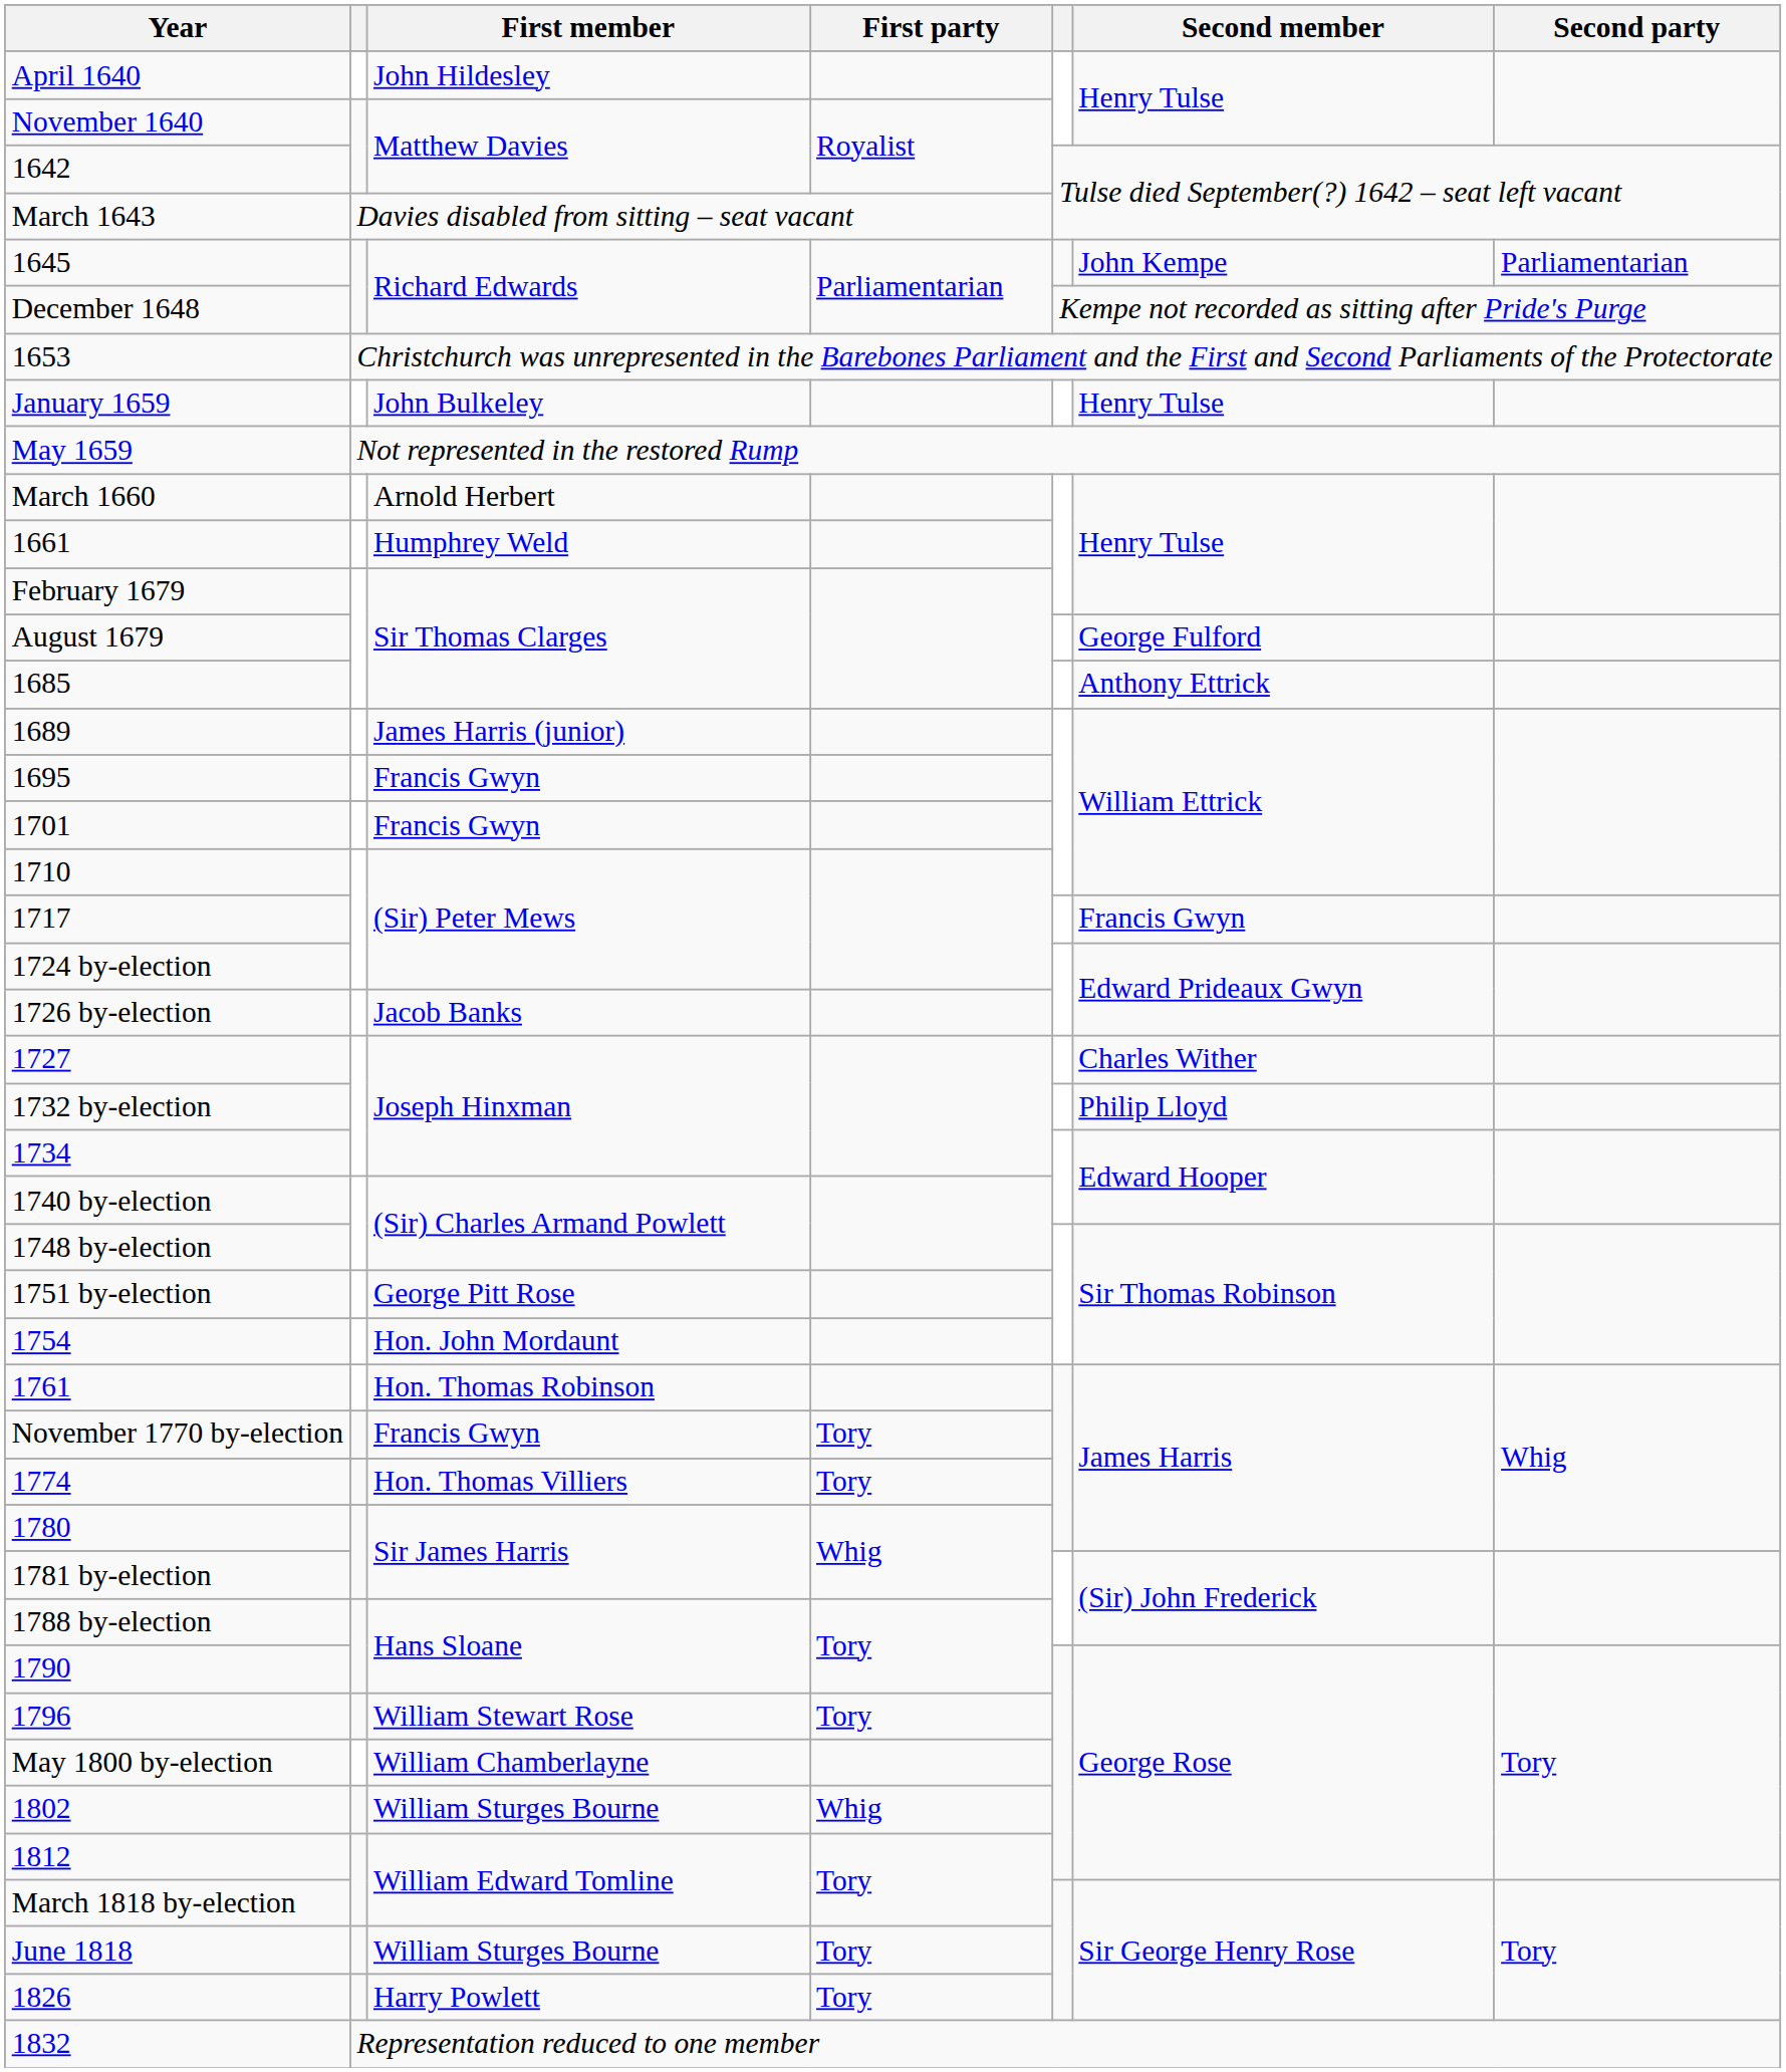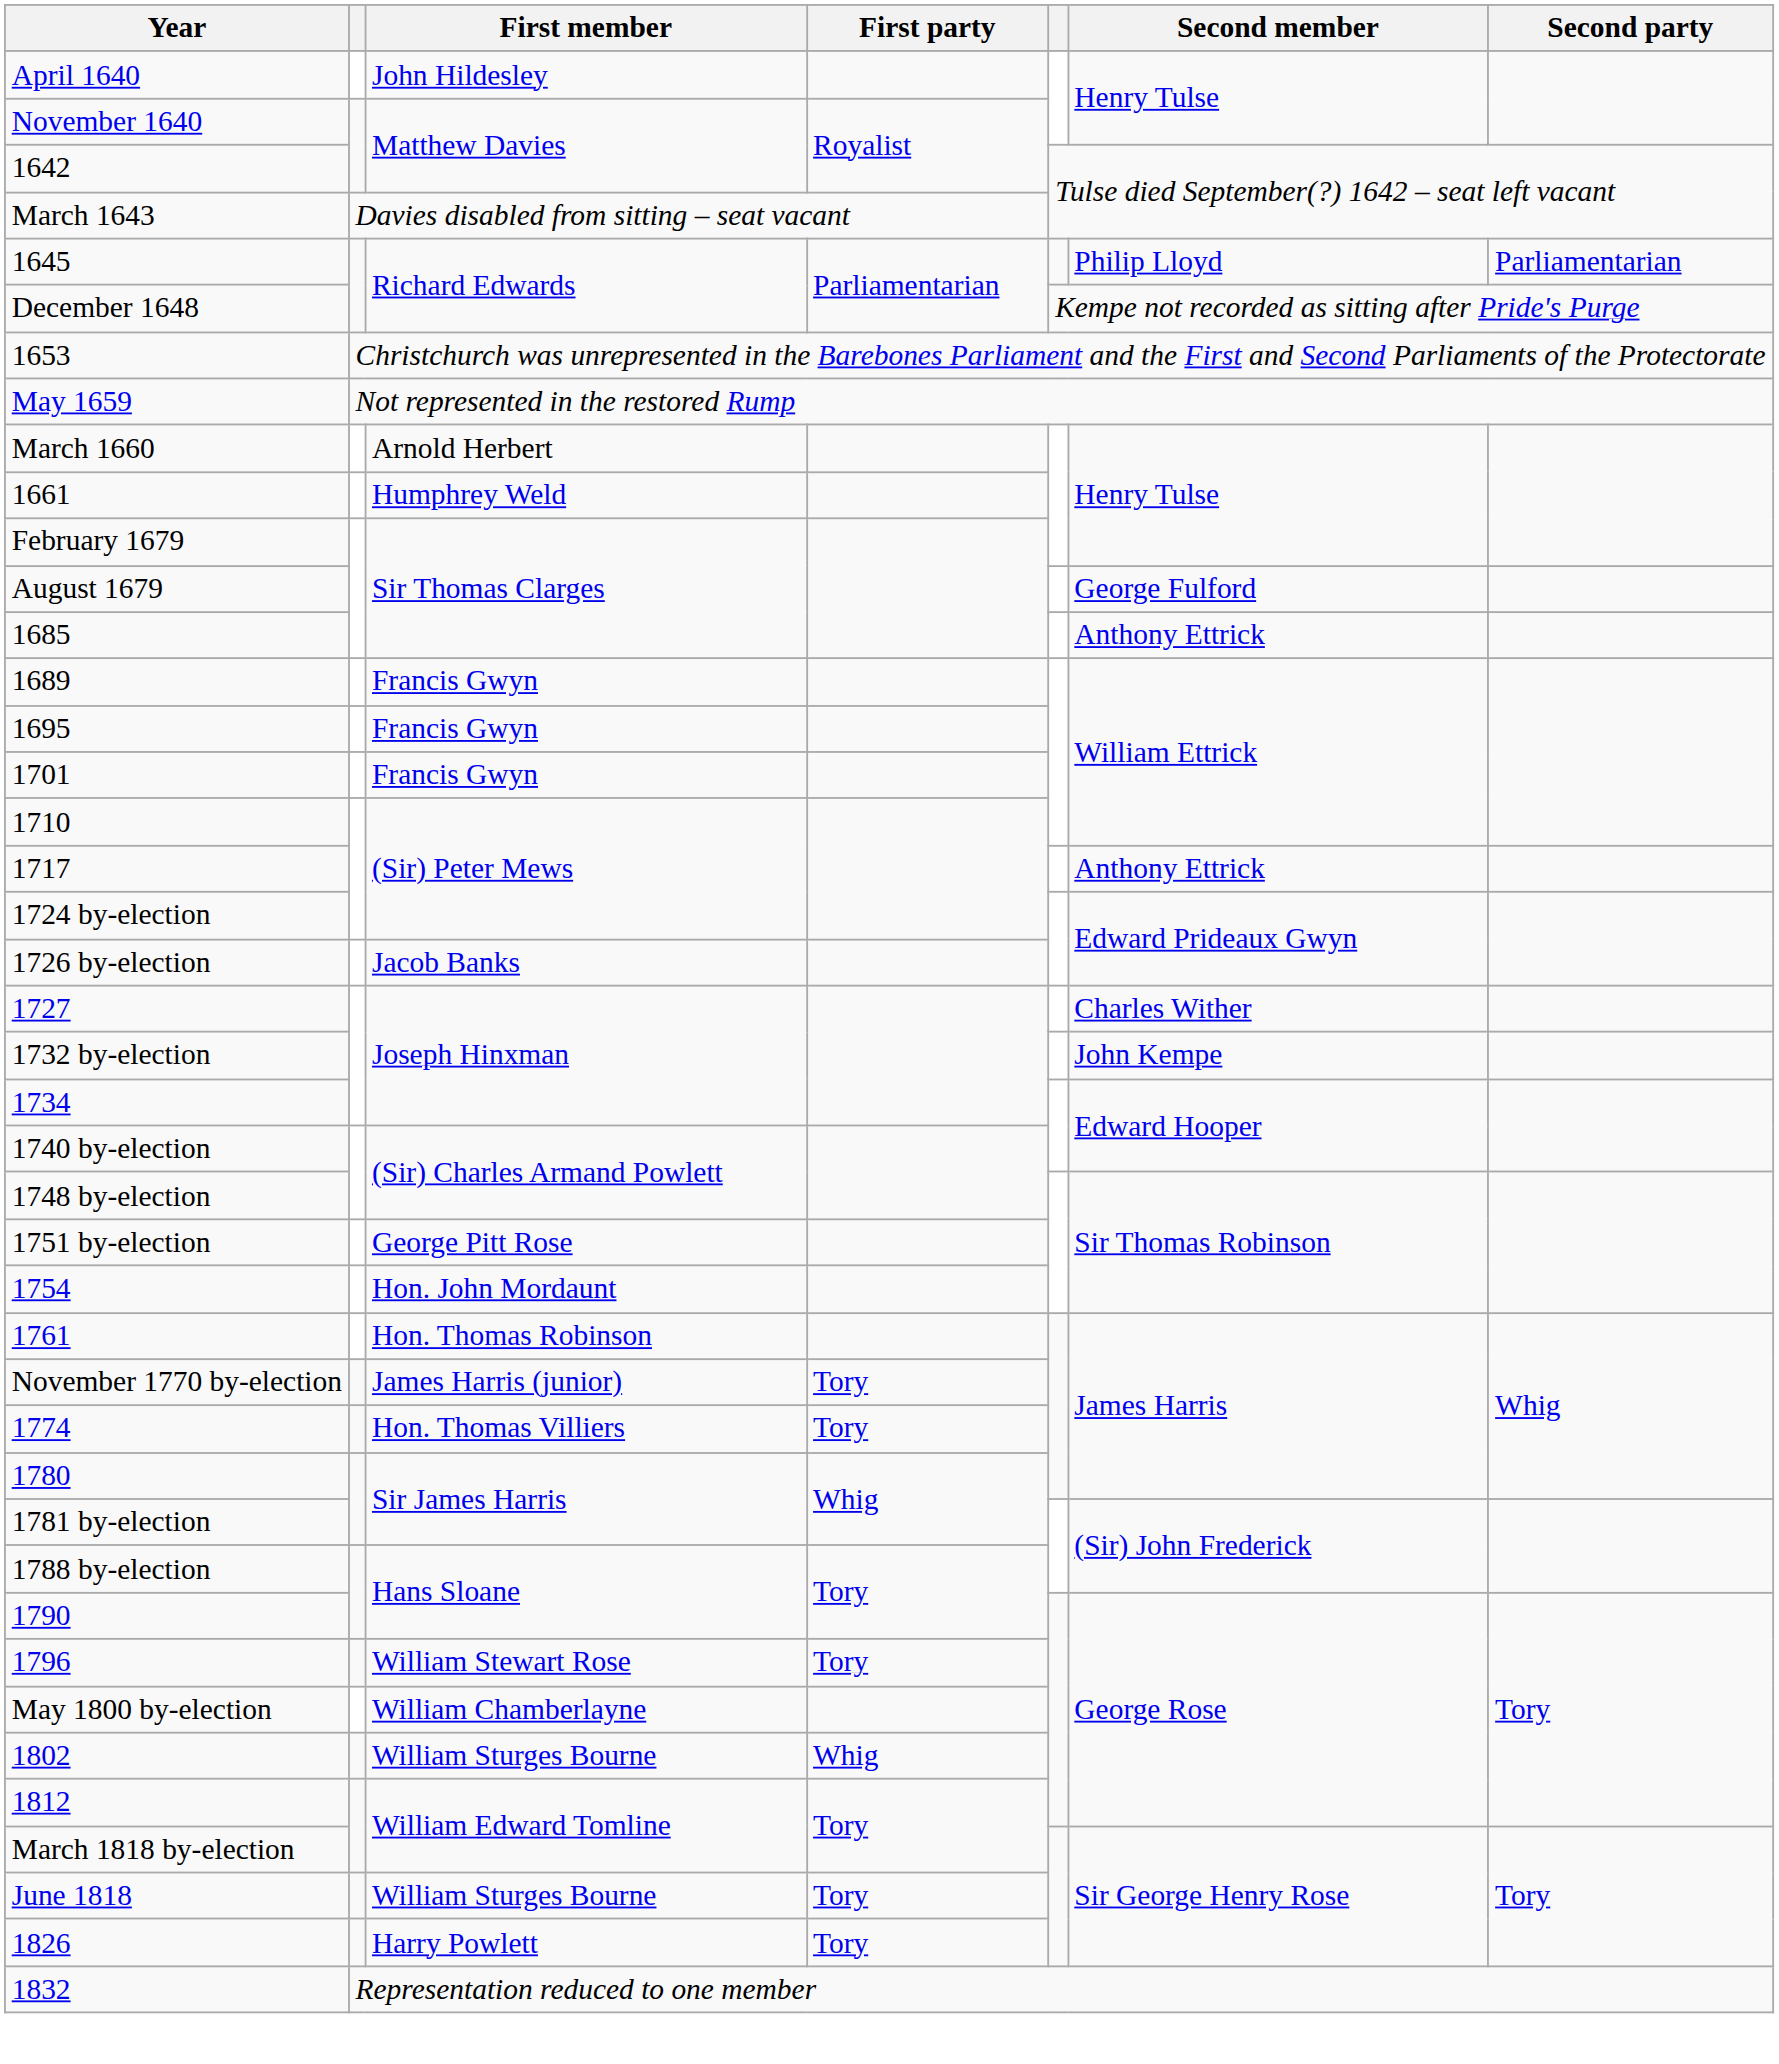 <table class="wikitable">
 <tr>
 <th>Year</th>
 <th></th>
 <th>First member</th>
 <th>First party</th>
 <th></th>
 <th>Second member</th>
 <th>Second party</th>
 </tr>
 <tr>
 <td><a href='#'>April 1640</a></td>
 <td style="color:inherit;background-color: white"></td>
 <td><a href='#'>John Hildesley</a></td>
 <td></td>
 <td rowspan="2" style="color:inherit;background-color: white"></td>
 <td rowspan="2"><a href='#'>Henry Tulse</a></td>
 <td rowspan="2"></td>
 </tr>
 <tr>
 <td><a href='#'>November 1640</a></td>
 <td rowspan="2" style="color:inherit;background-color: "></td>
 <td rowspan="2"><a href='#'>Matthew Davies</a></td>
 <td rowspan="2"><a href='#'>Royalist</a></td>
 </tr>
 <tr>
 <td>1642</td>
 <td colspan="3" rowspan="2"><em>Tulse died September(?) 1642 – seat left vacant</em></td>
 </tr>
 <tr>
 <td>March 1643</td>
 <td colspan="3"><em>Davies disabled from sitting – seat vacant</em></td>
 </tr>
 <tr>
 <td>1645</td>
 <td rowspan="2" style="color:inherit;background-color: "></td>
 <td rowspan="2"><a href='#'>Richard Edwards</a></td>
 <td rowspan="2"><a href='#'>Parliamentarian</a></td>
 <td style="color:inherit;background-color: "></td>
-<td><a href='#'>John Kempe</a></td>
+<td><a href='#'>Philip Lloyd</a></td>
 <td><a href='#'>Parliamentarian</a></td>
 </tr>
 <tr>
 <td>December 1648</td>
 <td colspan="3"><em>Kempe not recorded as sitting after <a href='#'>Pride's Purge</a></em></td>
 </tr>
 <tr>
 <td>1653</td>
 <td colspan="6"><em>Christchurch was unrepresented in the <a href='#'>Barebones Parliament</a> and the <a href='#'>First</a> and <a href='#'>Second</a> Parliaments of the Protectorate</em></td>
-</tr>
-<tr>
-<td><a href='#'>January 1659</a></td>
-<td style="color:inherit;background-color: white"></td>
-<td><a href='#'>John Bulkeley</a></td>
-<td></td>
-<td style="color:inherit;background-color: white"></td>
-<td><a href='#'>Henry Tulse</a></td>
-<td></td>
 </tr>
 <tr>
 <td><a href='#'>May 1659</a></td>
 <td colspan="6"><em>Not represented in the restored <a href='#'>Rump</a></em></td>
 </tr>
 <tr>
 <td>March 1660</td>
 <td style="color:inherit;background-color: white"></td>
 <td>Arnold Herbert</td>
 <td></td>
 <td rowspan="3" style="color:inherit;background-color: white"></td>
 <td rowspan="3"><a href='#'>Henry Tulse</a></td>
 <td rowspan="3"></td>
 </tr>
 <tr>
 <td>1661</td>
 <td style="color:inherit;background-color: white"></td>
 <td><a href='#'>Humphrey Weld</a></td>
 <td></td>
 </tr>
 <tr>
 <td>February 1679</td>
 <td rowspan="3" style="color:inherit;background-color: white"></td>
 <td rowspan="3"><a href='#'>Sir Thomas Clarges</a></td>
 <td rowspan="3"></td>
 </tr>
 <tr>
 <td>August 1679</td>
 <td style="color:inherit;background-color: white"></td>
 <td><a href='#'>George Fulford</a></td>
 <td></td>
 </tr>
 <tr>
 <td>1685</td>
 <td style="color:inherit;background-color: white"></td>
 <td><a href='#'>Anthony Ettrick</a></td>
 <td></td>
 </tr>
 <tr>
 <td>1689</td>
 <td style="color:inherit;background-color: white"></td>
-<td><a href='#'>James Harris (junior)</a></td>
+<td><a href='#'>Francis Gwyn</a></td>
 <td></td>
 <td rowspan="4" style="color:inherit;background-color: white"></td>
 <td rowspan="4"><a href='#'>William Ettrick</a></td>
 <td rowspan="4"></td>
 </tr>
 <tr>
 <td>1695</td>
 <td style="color:inherit;background-color: white"></td>
 <td><a href='#'>Francis Gwyn</a></td>
 <td></td>
 </tr>
 <tr>
 <td>1701</td>
 <td style="color:inherit;background-color: white"></td>
 <td><a href='#'>Francis Gwyn</a></td>
 <td></td>
 </tr>
 <tr>
 <td>1710</td>
 <td rowspan="3" style="color:inherit;background-color: white"></td>
 <td rowspan="3"><a href='#'>(Sir) Peter Mews</a></td>
 <td rowspan="3"></td>
 </tr>
 <tr>
 <td>1717</td>
 <td style="color:inherit;background-color: white"></td>
-<td><a href='#'>Francis Gwyn</a></td>
+<td><a href='#'>Anthony Ettrick</a></td>
 <td></td>
 </tr>
 <tr>
 <td>1724 by-election</td>
 <td rowspan="2" style="color:inherit;background-color: white"></td>
 <td rowspan="2"><a href='#'>Edward Prideaux Gwyn</a></td>
 <td rowspan="2"></td>
 </tr>
 <tr>
 <td>1726 by-election</td>
 <td style="color:inherit;background-color: white"></td>
 <td><a href='#'>Jacob Banks</a></td>
 <td></td>
 </tr>
 <tr>
 <td><a href='#'>1727</a></td>
 <td rowspan="3" style="color:inherit;background-color: white"></td>
 <td rowspan="3"><a href='#'>Joseph Hinxman</a></td>
 <td rowspan="3"></td>
 <td style="color:inherit;background-color: white"></td>
 <td><a href='#'>Charles Wither</a></td>
 <td></td>
 </tr>
 <tr>
 <td>1732 by-election</td>
 <td style="color:inherit;background-color: white"></td>
-<td><a href='#'>Philip Lloyd</a></td>
+<td><a href='#'>John Kempe</a></td>
 <td></td>
 </tr>
 <tr>
 <td><a href='#'>1734</a></td>
 <td rowspan="2" style="color:inherit;background-color: white"></td>
 <td rowspan="2"><a href='#'>Edward Hooper</a></td>
 <td rowspan="2"></td>
 </tr>
 <tr>
 <td>1740 by-election</td>
 <td rowspan="2" style="color:inherit;background-color: white"></td>
 <td rowspan="2"><a href='#'>(Sir) Charles Armand Powlett</a></td>
 <td rowspan="2"></td>
 </tr>
 <tr>
 <td>1748 by-election</td>
 <td rowspan="3" style="color:inherit;background-color: white"></td>
 <td rowspan="3"><a href='#'>Sir Thomas Robinson</a></td>
 <td rowspan="3"></td>
 </tr>
 <tr>
 <td>1751 by-election</td>
 <td style="color:inherit;background-color: white"></td>
 <td><a href='#'>George Pitt Rose</a></td>
 <td></td>
 </tr>
 <tr>
 <td><a href='#'>1754</a></td>
 <td style="color:inherit;background-color: white"></td>
 <td><a href='#'>Hon. John Mordaunt</a></td>
 <td></td>
 </tr>
 <tr>
 <td><a href='#'>1761</a></td>
 <td style="color:inherit;background-color: white"></td>
 <td><a href='#'>Hon. Thomas Robinson</a></td>
 <td></td>
 <td rowspan="4" style="color:inherit;background-color: "></td>
 <td rowspan="4"><a href='#'>James Harris</a></td>
 <td rowspan="4"><a href='#'>Whig</a></td>
 </tr>
 <tr>
 <td>November 1770 by-election</td>
 <td style="color:inherit;background-color: "></td>
-<td><a href='#'>Francis Gwyn</a></td>
+<td><a href='#'>James Harris (junior)</a></td>
 <td><a href='#'>Tory</a></td>
 </tr>
 <tr>
 <td><a href='#'>1774</a></td>
 <td style="color:inherit;background-color: "></td>
 <td><a href='#'>Hon. Thomas Villiers</a></td>
 <td><a href='#'>Tory</a></td>
 </tr>
 <tr>
 <td><a href='#'>1780</a></td>
 <td rowspan="2" style="color:inherit;background-color: "></td>
 <td rowspan="2"><a href='#'>Sir James Harris</a></td>
 <td rowspan="2"><a href='#'>Whig</a></td>
 </tr>
 <tr>
 <td>1781 by-election</td>
 <td rowspan="2" style="color:inherit;background-color: white"></td>
 <td rowspan="2"><a href='#'>(Sir) John Frederick</a></td>
 <td rowspan="2"></td>
 </tr>
 <tr>
 <td>1788 by-election</td>
 <td rowspan="2" style="color:inherit;background-color: "></td>
 <td rowspan="2"><a href='#'>Hans Sloane</a></td>
 <td rowspan="2"><a href='#'>Tory</a></td>
 </tr>
 <tr>
 <td><a href='#'>1790</a></td>
 <td rowspan="5" style="color:inherit;background-color: "></td>
 <td rowspan="5"><a href='#'>George Rose</a></td>
 <td rowspan="5"><a href='#'>Tory</a></td>
 </tr>
 <tr>
 <td><a href='#'>1796</a></td>
 <td style="color:inherit;background-color: "></td>
 <td><a href='#'>William Stewart Rose</a></td>
 <td><a href='#'>Tory</a></td>
 </tr>
 <tr>
 <td>May 1800 by-election</td>
 <td style="color:inherit;background-color: white"></td>
 <td><a href='#'>William Chamberlayne</a></td>
 <td></td>
 </tr>
 <tr>
 <td><a href='#'>1802</a></td>
 <td style="color:inherit;background-color: "></td>
 <td><a href='#'>William Sturges Bourne</a></td>
 <td><a href='#'>Whig</a></td>
 </tr>
 <tr>
 <td><a href='#'>1812</a></td>
 <td rowspan="2" style="color:inherit;background-color: "></td>
 <td rowspan="2"><a href='#'>William Edward Tomline</a></td>
 <td rowspan="2"><a href='#'>Tory</a></td>
 </tr>
 <tr>
 <td>March 1818 by-election</td>
 <td rowspan="3" style="color:inherit;background-color: "></td>
 <td rowspan="3"><a href='#'>Sir George Henry Rose</a></td>
 <td rowspan="3"><a href='#'>Tory</a></td>
 </tr>
 <tr>
 <td><a href='#'>June 1818</a></td>
 <td style="color:inherit;background-color: "></td>
 <td><a href='#'>William Sturges Bourne</a></td>
 <td><a href='#'>Tory</a></td>
 </tr>
 <tr>
 <td><a href='#'>1826</a></td>
 <td style="color:inherit;background-color: "></td>
 <td><a href='#'>Harry Powlett</a></td>
 <td><a href='#'>Tory</a></td>
 </tr>
 <tr>
 <td><a href='#'>1832</a></td>
 <td colspan="6"><em>Representation reduced to one member</em></td>
 </tr>
 </table>
